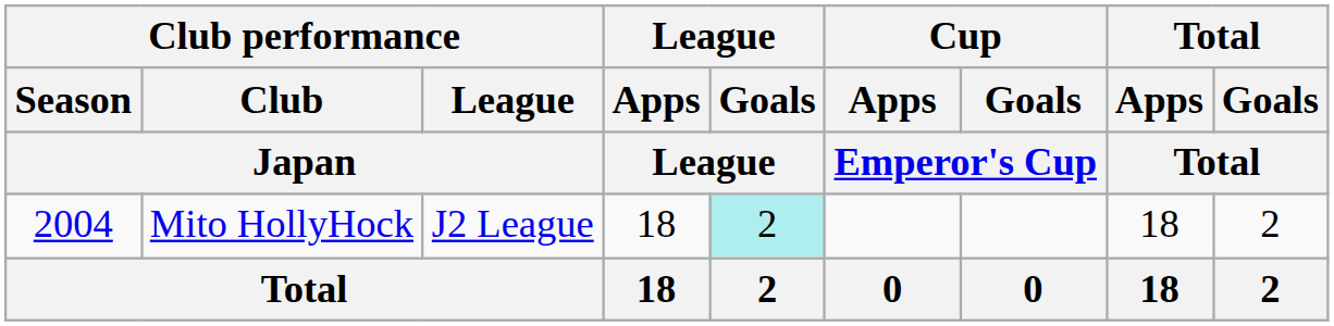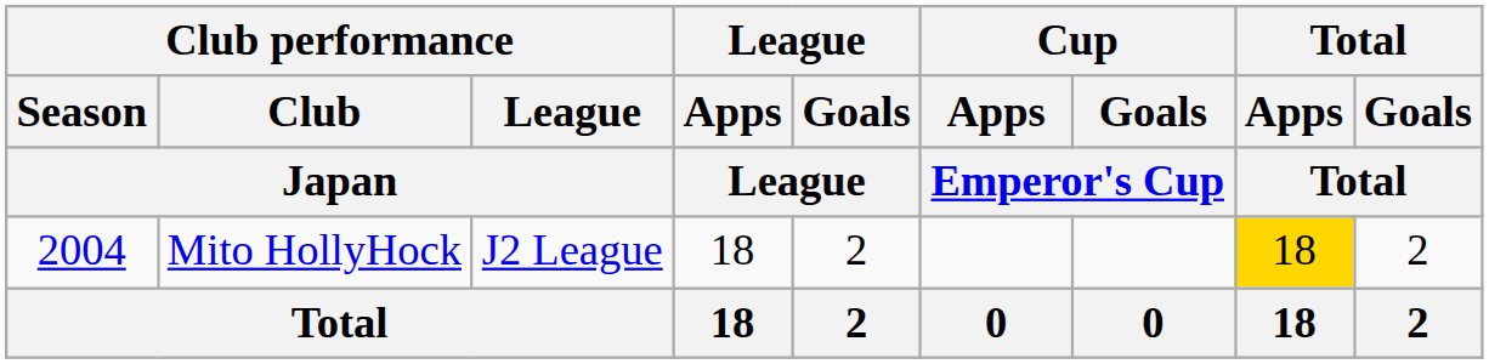 <table class="wikitable" style="text-align:center;">
 <tr>
 <th colspan=3>Club performance</th>
 <th colspan=2>League</th>
 <th colspan=2>Cup</th>
 <th colspan=2>Total</th>
 </tr>
 <tr>
 <th>Season</th>
 <th>Club</th>
 <th>League</th>
 <th>Apps</th>
 <th>Goals</th>
 <th>Apps</th>
 <th>Goals</th>
 <th>Apps</th>
 <th>Goals</th>
 </tr>
 <tr>
 <th colspan=3>Japan</th>
 <th colspan=2>League</th>
 <th colspan=2><a href='#'>Emperor's Cup</a></th>
 <th colspan=2>Total</th>
 </tr>
 <tr>
 <td><a href='#'>2004</a></td>
 <td><a href='#'>Mito HollyHock</a></td>
 <td><a href='#'>J2 League</a></td>
 <td>18</td>
-<td style="background: paleturquoise;">2</td>
+<td>2</td>
 <td></td>
 <td></td>
-<td>18</td>
+<td style="background: gold;">18</td>
 <td>2</td>
 </tr>
 <tr>
 <th colspan=3>Total</th>
 <th>18</th>
 <th>2</th>
 <th>0</th>
 <th>0</th>
 <th>18</th>
 <th>2</th>
 </tr>
 </table>
